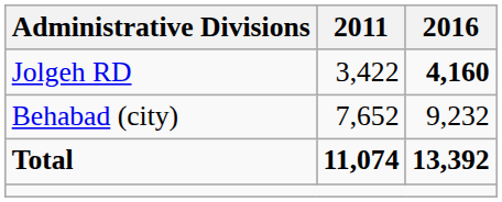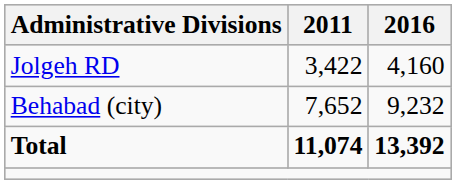 <table class="wikitable">
 <tr>
 <th>Administrative Divisions</th>
 <th>2011</th>
 <th>2016</th>
 </tr>
 <tr>
 <td><a href='#'>Jolgeh RD</a></td>
 <td style="text-align: right;">3,422</td>
-<td style="text-align: right;"><strong>4,160</strong></td>
+<td style="text-align: right;">4,160</td>
 </tr>
 <tr>
 <td><a href='#'>Behabad</a> (city)</td>
 <td style="text-align: right;">7,652</td>
 <td style="text-align: right;">9,232</td>
 </tr>
 <tr>
 <td><strong>Total</strong></td>
 <td style="text-align: right;"><strong>11,074</strong></td>
 <td style="text-align: right;"><strong>13,392</strong></td>
 </tr>
 <tr>
 <td colspan=3></td>
 </tr>
 </table>
